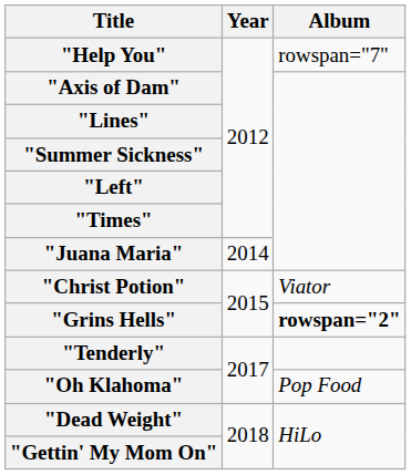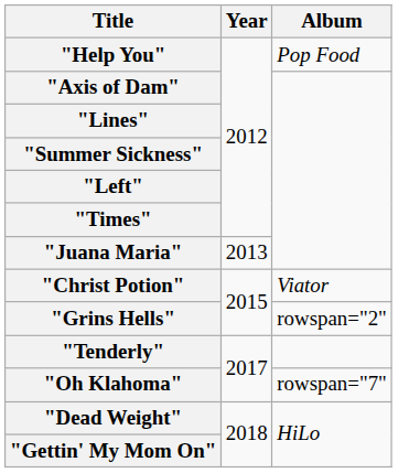 <table class="wikitable plainrowheaders">
 <tr>
 <th>Title</th>
 <th>Year</th>
 <th>Album</th>
 </tr>
 <tr>
 <th scope="row">"Help You"</th>
 <td rowspan="6">2012</td>
-<td>rowspan="7" </td>
+<td><em>Pop Food</em></td>
 </tr>
 <tr>
 <th scope="row">"Axis of Dam"</th>
 </tr>
 <tr>
 <th scope="row">"Lines"</th>
 </tr>
 <tr>
 <th scope="row">"Summer Sickness"</th>
 </tr>
 <tr>
 <th scope="row">"Left"</th>
 </tr>
 <tr>
 <th scope="row">"Times"</th>
 </tr>
 <tr>
 <th scope="row">"Juana Maria"</th>
-<td>2014</td>
+<td>2013</td>
 </tr>
 <tr>
 <th scope="row">"Christ Potion"</th>
 <td rowspan="2">2015</td>
 <td><em>Viator</em></td>
 </tr>
 <tr>
 <th scope="row">"Grins Hells"</th>
-<td><strong>rowspan="2" </strong></td>
+<td>rowspan="2" </td>
 </tr>
 <tr>
 <th scope="row">"Tenderly"</th>
 <td rowspan="2">2017</td>
 </tr>
 <tr>
 <th scope="row">"Oh Klahoma"</th>
-<td><em>Pop Food</em></td>
+<td>rowspan="7" </td>
 </tr>
 <tr>
 <th scope="row">"Dead Weight"</th>
 <td rowspan="2">2018</td>
 <td rowspan="2"><em>HiLo</em></td>
 </tr>
 <tr>
 <th scope="row">"Gettin' My Mom On"</th>
 </tr>
 </table>
